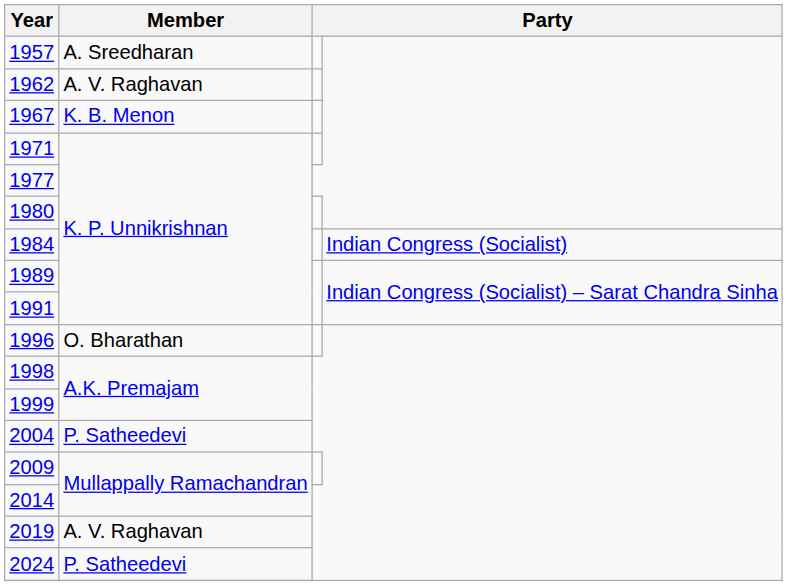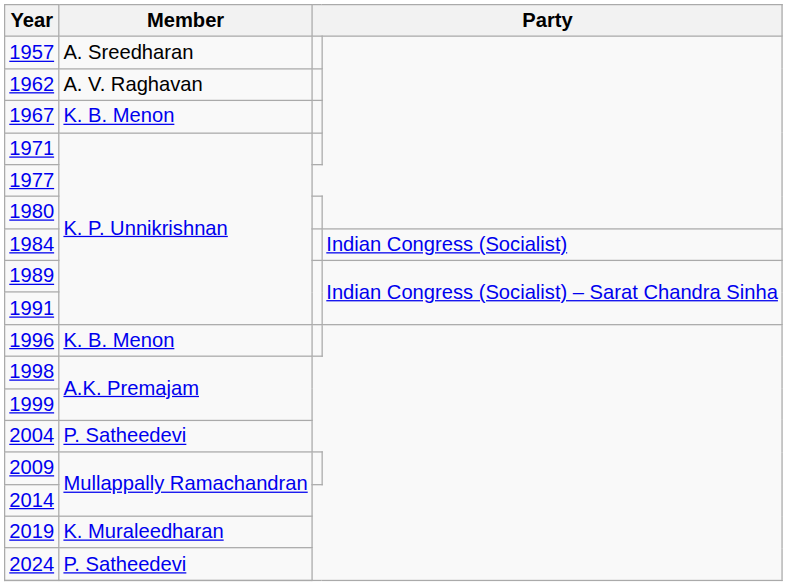 <table class="wikitable sortable">
 <tr>
 <th>Year</th>
 <th>Member</th>
 <th colspan="2">Party</th>
 </tr>
 <tr>
 <td><a href='#'>1957</a></td>
 <td>A. Sreedharan</td>
 <td></td>
 </tr>
 <tr>
 <td><a href='#'>1962</a></td>
 <td>A. V. Raghavan</td>
 <td></td>
 </tr>
 <tr>
 <td><a href='#'>1967</a></td>
 <td><a href='#'>K. B. Menon</a></td>
 <td></td>
 </tr>
 <tr>
 <td><a href='#'>1971</a></td>
 <td rowspan="6"><a href='#'>K. P. Unnikrishnan</a></td>
 <td></td>
 </tr>
 <tr>
 <td><a href='#'>1977</a></td>
 </tr>
 <tr>
 <td><a href='#'>1980</a></td>
 <td></td>
 </tr>
 <tr>
 <td><a href='#'>1984</a></td>
 <td style="background-color: "></td>
 <td><a href='#'>Indian Congress (Socialist)</a></td>
 </tr>
 <tr>
 <td><a href='#'>1989</a></td>
 <td rowspan="2" style="background-color: "></td>
 <td rowspan="2"><a href='#'>Indian Congress (Socialist) – Sarat Chandra Sinha</a></td>
 </tr>
 <tr>
 <td><a href='#'>1991</a></td>
 </tr>
 <tr>
 <td><a href='#'>1996</a></td>
-<td>O. Bharathan</td>
+<td><a href='#'>K. B. Menon</a></td>
 <td></td>
 </tr>
 <tr>
 <td><a href='#'>1998</a></td>
 <td rowspan="2"><a href='#'>A.K. Premajam</a></td>
 </tr>
 <tr>
 <td><a href='#'>1999</a></td>
 </tr>
 <tr>
 <td><a href='#'>2004</a></td>
 <td><a href='#'>P. Satheedevi</a></td>
 </tr>
 <tr>
 <td><a href='#'>2009</a></td>
 <td rowspan="2"><a href='#'>Mullappally Ramachandran</a></td>
 <td></td>
 </tr>
 <tr>
 <td><a href='#'>2014</a></td>
 </tr>
 <tr>
 <td><a href='#'>2019</a></td>
-<td>A. V. Raghavan</td>
+<td><a href='#'>K. Muraleedharan</a></td>
 </tr>
 <tr>
 <td><a href='#'>2024</a></td>
 <td><a href='#'>P. Satheedevi</a></td>
 </tr>
 <tr>
 </tr>
 </table>
